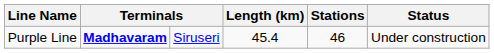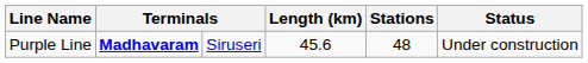 <table class="wikitable sortable" style="font-size:90%;">
 <tr>
 <th>Line Name</th>
 <th colspan="2">Terminals</th>
 <th>Length (km)</th>
 <th>Stations</th>
 <th>Status</th>
 </tr>
 <tr>
 <td style="background:#"><span>Purple Line</span></td>
 <td><strong><a href='#'>Madhavaram</a></strong></td>
 <td><a href='#'>Siruseri</a></td>
-<td style="text-align:center;">45.4</td>
-<td style="text-align:center">46</td>
+<td style="text-align:center;">45.6</td>
+<td style="text-align:center">48</td>
 <td>Under construction</td>
 </tr>
 </table>
